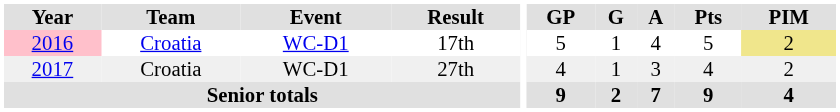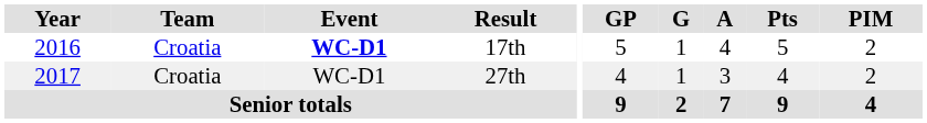 <table border="0" cellpadding="1" cellspacing="0" ID="Table3" style="text-align:center; width:40em">
 <tr ALIGN="center" bgcolor="#e0e0e0">
 <th>Year</th>
 <th>Team</th>
 <th>Event</th>
 <th>Result</th>
 <th rowspan="99" bgcolor="#ffffff"></th>
 <th>GP</th>
 <th>G</th>
 <th>A</th>
 <th>Pts</th>
 <th>PIM</th>
 </tr>
 <tr>
-<td style="background: pink;"><a href='#'>2016</a></td>
+<td><a href='#'>2016</a></td>
 <td><a href='#'>Croatia</a></td>
-<td><a href='#'>WC-D1</a></td>
+<td><strong><a href='#'>WC-D1</a></strong></td>
 <td>17th</td>
 <td>5</td>
 <td>1</td>
 <td>4</td>
 <td>5</td>
-<td style="background: khaki;">2</td>
+<td>2</td>
 </tr>
 <tr bgcolor="#f0f0f0">
 <td><a href='#'>2017</a></td>
 <td>Croatia</td>
 <td>WC-D1</td>
 <td>27th</td>
 <td>4</td>
 <td>1</td>
 <td>3</td>
 <td>4</td>
 <td>2</td>
 </tr>
 <tr ALIGN="center" bgcolor="#e0e0e0">
 <th colspan=4>Senior totals</th>
 <th>9</th>
 <th>2</th>
 <th>7</th>
 <th>9</th>
 <th>4</th>
 </tr>
 </table>
